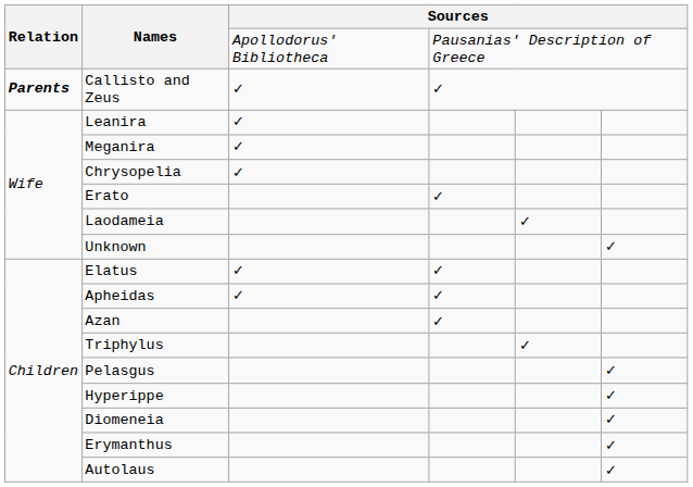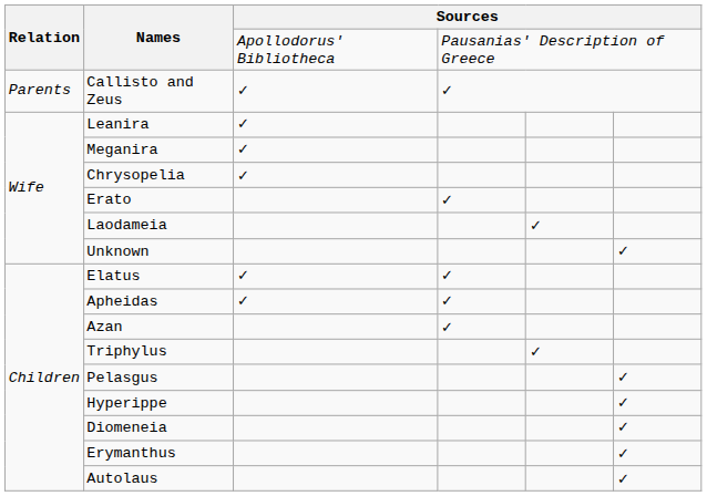 <table class="wikitable">
 <tr>
 <th rowspan="2">Relation</th>
 <th rowspan="2">Names</th>
 <th colspan="4">Sources</th>
 </tr>
 <tr>
 <td><em>Apollodorus' Bibliotheca</em></td>
 <td colspan="3"><em>Pausanias' Description of Greece</em></td>
 </tr>
 <tr>
-<td><strong><em>Parents</em></strong></td>
+<td><em>Parents</em></td>
 <td>Callisto and Zeus</td>
 <td>✓</td>
 <td colspan="3">✓</td>
 </tr>
 <tr>
 <td rowspan="6"><em>Wife</em></td>
 <td>Leanira</td>
 <td>✓</td>
 <td></td>
 <td></td>
 <td></td>
 </tr>
 <tr>
 <td>Meganira</td>
 <td>✓</td>
 <td></td>
 <td></td>
 <td></td>
 </tr>
 <tr>
 <td>Chrysopelia</td>
 <td>✓</td>
 <td></td>
 <td></td>
 <td></td>
 </tr>
 <tr>
 <td>Erato</td>
 <td></td>
 <td>✓</td>
 <td></td>
 <td></td>
 </tr>
 <tr>
 <td>Laodameia</td>
 <td></td>
 <td></td>
 <td>✓</td>
 <td></td>
 </tr>
 <tr>
 <td>Unknown</td>
 <td></td>
 <td></td>
 <td></td>
 <td>✓</td>
 </tr>
 <tr>
 <td rowspan="9"><em>Children</em></td>
 <td>Elatus</td>
 <td>✓</td>
 <td>✓</td>
 <td></td>
 <td></td>
 </tr>
 <tr>
 <td>Apheidas</td>
 <td>✓</td>
 <td>✓</td>
 <td></td>
 <td></td>
 </tr>
 <tr>
 <td>Azan</td>
 <td></td>
 <td>✓</td>
 <td></td>
 <td></td>
 </tr>
 <tr>
 <td>Triphylus</td>
 <td></td>
 <td></td>
 <td>✓</td>
 <td></td>
 </tr>
 <tr>
 <td>Pelasgus</td>
 <td></td>
 <td></td>
 <td></td>
 <td>✓</td>
 </tr>
 <tr>
 <td>Hyperippe</td>
 <td></td>
 <td></td>
 <td></td>
 <td>✓</td>
 </tr>
 <tr>
 <td>Diomeneia</td>
 <td></td>
 <td></td>
 <td></td>
 <td>✓</td>
 </tr>
 <tr>
 <td>Erymanthus</td>
 <td></td>
 <td></td>
 <td></td>
 <td>✓</td>
 </tr>
 <tr>
 <td>Autolaus</td>
 <td></td>
 <td></td>
 <td></td>
 <td>✓</td>
 </tr>
 </table>
